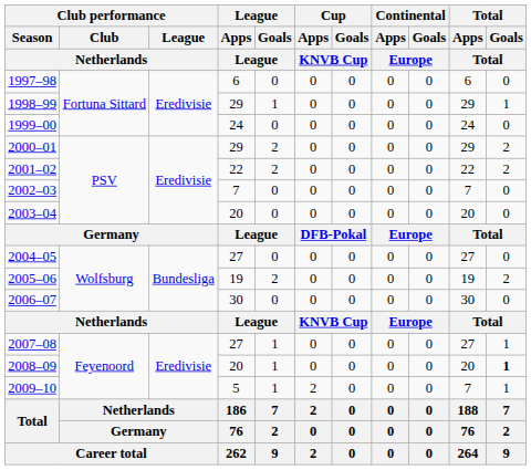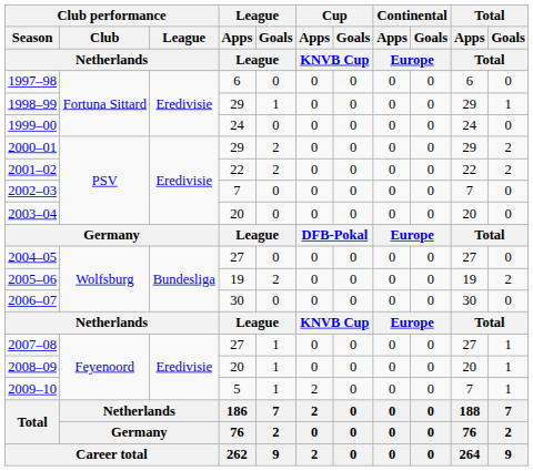 <table class="wikitable" style="text-align:center">
 <tr>
 <th colspan=3>Club performance</th>
 <th colspan=2>League</th>
 <th colspan=2>Cup</th>
 <th colspan=2>Continental</th>
 <th colspan=2>Total</th>
 </tr>
 <tr>
 <th>Season</th>
 <th>Club</th>
 <th>League</th>
 <th>Apps</th>
 <th>Goals</th>
 <th>Apps</th>
 <th>Goals</th>
 <th>Apps</th>
 <th>Goals</th>
 <th>Apps</th>
 <th>Goals</th>
 </tr>
 <tr>
 <th colspan=3>Netherlands</th>
 <th colspan=2>League</th>
 <th colspan=2><a href='#'>KNVB Cup</a></th>
 <th colspan=2><a href='#'>Europe</a></th>
 <th colspan=2>Total</th>
 </tr>
 <tr>
 <td><a href='#'>1997–98</a></td>
 <td rowspan="3"><a href='#'>Fortuna Sittard</a></td>
 <td rowspan="3"><a href='#'>Eredivisie</a></td>
 <td>6</td>
 <td>0</td>
 <td>0</td>
 <td>0</td>
 <td>0</td>
 <td>0</td>
 <td>6</td>
 <td>0</td>
 </tr>
 <tr>
 <td><a href='#'>1998–99</a></td>
 <td>29</td>
 <td>1</td>
 <td>0</td>
 <td>0</td>
 <td>0</td>
 <td>0</td>
 <td>29</td>
 <td>1</td>
 </tr>
 <tr>
 <td><a href='#'>1999–00</a></td>
 <td>24</td>
 <td>0</td>
 <td>0</td>
 <td>0</td>
 <td>0</td>
 <td>0</td>
 <td>24</td>
 <td>0</td>
 </tr>
 <tr>
 <td><a href='#'>2000–01</a></td>
 <td rowspan="4"><a href='#'>PSV</a></td>
 <td rowspan="4"><a href='#'>Eredivisie</a></td>
 <td>29</td>
 <td>2</td>
 <td>0</td>
 <td>0</td>
 <td>0</td>
 <td>0</td>
 <td>29</td>
 <td>2</td>
 </tr>
 <tr>
 <td><a href='#'>2001–02</a></td>
 <td>22</td>
 <td>2</td>
 <td>0</td>
 <td>0</td>
 <td>0</td>
 <td>0</td>
 <td>22</td>
 <td>2</td>
 </tr>
 <tr>
 <td><a href='#'>2002–03</a></td>
 <td>7</td>
 <td>0</td>
 <td>0</td>
 <td>0</td>
 <td>0</td>
 <td>0</td>
 <td>7</td>
 <td>0</td>
 </tr>
 <tr>
 <td><a href='#'>2003–04</a></td>
 <td>20</td>
 <td>0</td>
 <td>0</td>
 <td>0</td>
 <td>0</td>
 <td>0</td>
 <td>20</td>
 <td>0</td>
 </tr>
 <tr>
 <th colspan=3>Germany</th>
 <th colspan=2>League</th>
 <th colspan=2><a href='#'>DFB-Pokal</a></th>
 <th colspan=2><a href='#'>Europe</a></th>
 <th colspan=2>Total</th>
 </tr>
 <tr>
 <td><a href='#'>2004–05</a></td>
 <td rowspan="3"><a href='#'>Wolfsburg</a></td>
 <td rowspan="3"><a href='#'>Bundesliga</a></td>
 <td>27</td>
 <td>0</td>
 <td>0</td>
 <td>0</td>
 <td>0</td>
 <td>0</td>
 <td>27</td>
 <td>0</td>
 </tr>
 <tr>
 <td><a href='#'>2005–06</a></td>
 <td>19</td>
 <td>2</td>
 <td>0</td>
 <td>0</td>
 <td>0</td>
 <td>0</td>
 <td>19</td>
 <td>2</td>
 </tr>
 <tr>
 <td><a href='#'>2006–07</a></td>
 <td>30</td>
 <td>0</td>
 <td>0</td>
 <td>0</td>
 <td>0</td>
 <td>0</td>
 <td>30</td>
 <td>0</td>
 </tr>
 <tr>
 <th colspan=3>Netherlands</th>
 <th colspan=2>League</th>
 <th colspan=2><a href='#'>KNVB Cup</a></th>
 <th colspan=2><a href='#'>Europe</a></th>
 <th colspan=2>Total</th>
 </tr>
 <tr>
 <td><a href='#'>2007–08</a></td>
 <td rowspan="3"><a href='#'>Feyenoord</a></td>
 <td rowspan="3"><a href='#'>Eredivisie</a></td>
 <td>27</td>
 <td>1</td>
 <td>0</td>
 <td>0</td>
 <td>0</td>
 <td>0</td>
 <td>27</td>
 <td>1</td>
 </tr>
 <tr>
 <td><a href='#'>2008–09</a></td>
 <td>20</td>
 <td>1</td>
 <td>0</td>
 <td>0</td>
 <td>0</td>
 <td>0</td>
 <td>20</td>
-<td><strong>1</strong></td>
+<td>1</td>
 </tr>
 <tr>
 <td><a href='#'>2009–10</a></td>
 <td>5</td>
 <td>1</td>
 <td>2</td>
 <td>0</td>
 <td>0</td>
 <td>0</td>
 <td>7</td>
 <td>1</td>
 </tr>
 <tr>
 <th rowspan=2>Total</th>
 <th colspan=2>Netherlands</th>
 <th>186</th>
 <th>7</th>
 <th>2</th>
 <th>0</th>
 <th>0</th>
 <th>0</th>
 <th>188</th>
 <th>7</th>
 </tr>
 <tr>
 <th colspan=2>Germany</th>
 <th>76</th>
 <th>2</th>
 <th>0</th>
 <th>0</th>
 <th>0</th>
 <th>0</th>
 <th>76</th>
 <th>2</th>
 </tr>
 <tr>
 <th colspan=3>Career total</th>
 <th>262</th>
 <th>9</th>
 <th>2</th>
 <th>0</th>
 <th>0</th>
 <th>0</th>
 <th>264</th>
 <th>9</th>
 </tr>
 </table>
